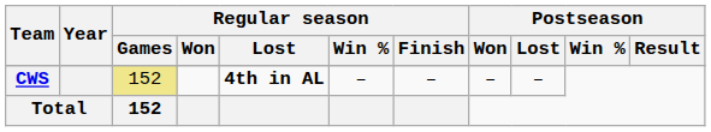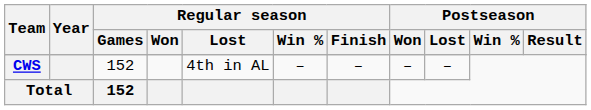 <table class="wikitable" style="font-size: 95%; text-align:center;">
 <tr>
 <th rowspan="2">Team</th>
 <th rowspan="2">Year</th>
 <th colspan="5">Regular season</th>
 <th colspan="4">Postseason</th>
 </tr>
 <tr>
 <th>Games</th>
 <th>Won</th>
 <th>Lost</th>
 <th>Win %</th>
 <th>Finish</th>
 <th>Won</th>
 <th>Lost</th>
 <th>Win %</th>
 <th>Result</th>
 </tr>
 <tr>
 </tr>
 <tr>
 <th><a href='#'>CWS</a></th>
 <th></th>
-<td style="background: khaki;">152</td>
+<td>152</td>
 <td></td>
-<td><strong>4th in AL</strong></td>
+<td>4th in AL</td>
 <td>–</td>
 <td>–</td>
 <td>–</td>
 <td>–</td>
 </tr>
 <tr>
 <th colspan="2">Total</th>
 <th>152</th>
 <th></th>
 <th></th>
 <th></th>
 <th></th>
 </tr>
 </table>
